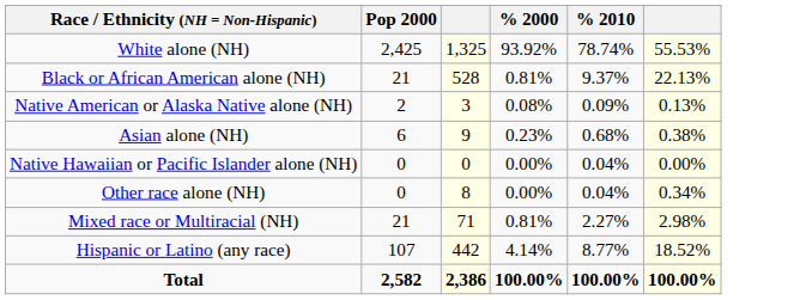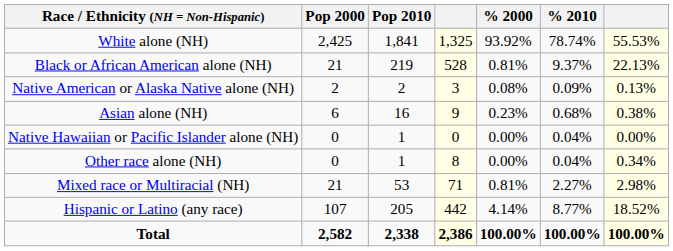 <table class="wikitable" style="text-align:center;">
 <tr>
 <th>Race / Ethnicity <small>(<em>NH = Non-Hispanic</em>)</small></th>
 <th>Pop 2000</th>
+<th>Pop 2010</th>
 <th></th>
 <th>% 2000</th>
 <th>% 2010</th>
 <th></th>
 </tr>
 <tr>
 <td><a href='#'>White</a> alone (NH)</td>
 <td>2,425</td>
+<td>1,841</td>
 <td style='background: #ffffe6;'>1,325</td>
 <td>93.92%</td>
 <td>78.74%</td>
 <td style='background: #ffffe6;'>55.53%</td>
 </tr>
 <tr>
 <td><a href='#'>Black or African American</a> alone (NH)</td>
 <td>21</td>
+<td>219</td>
 <td style='background: #ffffe6;'>528</td>
 <td>0.81%</td>
 <td>9.37%</td>
 <td style='background: #ffffe6;'>22.13%</td>
 </tr>
 <tr>
 <td><a href='#'>Native American</a> or <a href='#'>Alaska Native</a> alone (NH)</td>
+<td>2</td>
 <td>2</td>
 <td style='background: #ffffe6;'>3</td>
 <td>0.08%</td>
 <td>0.09%</td>
 <td style='background: #ffffe6;'>0.13%</td>
 </tr>
 <tr>
 <td><a href='#'>Asian</a> alone (NH)</td>
 <td>6</td>
+<td>16</td>
 <td style='background: #ffffe6;'>9</td>
 <td>0.23%</td>
 <td>0.68%</td>
 <td style='background: #ffffe6;'>0.38%</td>
 </tr>
 <tr>
 <td><a href='#'>Native Hawaiian</a> or <a href='#'>Pacific Islander</a> alone (NH)</td>
 <td>0</td>
+<td>1</td>
 <td style='background: #ffffe6;'>0</td>
 <td>0.00%</td>
 <td>0.04%</td>
 <td style='background: #ffffe6;'>0.00%</td>
 </tr>
 <tr>
 <td><a href='#'>Other race</a> alone (NH)</td>
 <td>0</td>
+<td>1</td>
 <td style='background: #ffffe6;'>8</td>
 <td>0.00%</td>
 <td>0.04%</td>
 <td style='background: #ffffe6;'>0.34%</td>
 </tr>
 <tr>
 <td><a href='#'>Mixed race or Multiracial</a> (NH)</td>
 <td>21</td>
+<td>53</td>
 <td style='background: #ffffe6;'>71</td>
 <td>0.81%</td>
 <td>2.27%</td>
 <td style='background: #ffffe6;'>2.98%</td>
 </tr>
 <tr>
 <td><a href='#'>Hispanic or Latino</a> (any race)</td>
 <td>107</td>
+<td>205</td>
 <td style='background: #ffffe6;'>442</td>
 <td>4.14%</td>
 <td>8.77%</td>
 <td style='background: #ffffe6;'>18.52%</td>
 </tr>
 <tr>
 <td><strong>Total</strong></td>
 <td><strong>2,582</strong></td>
+<td><strong>2,338</strong></td>
 <td style='background: #ffffe6;'><strong>2,386</strong></td>
 <td><strong>100.00%</strong></td>
 <td><strong>100.00%</strong></td>
 <td style='background: #ffffe6;'><strong>100.00%</strong></td>
 </tr>
 </table>
